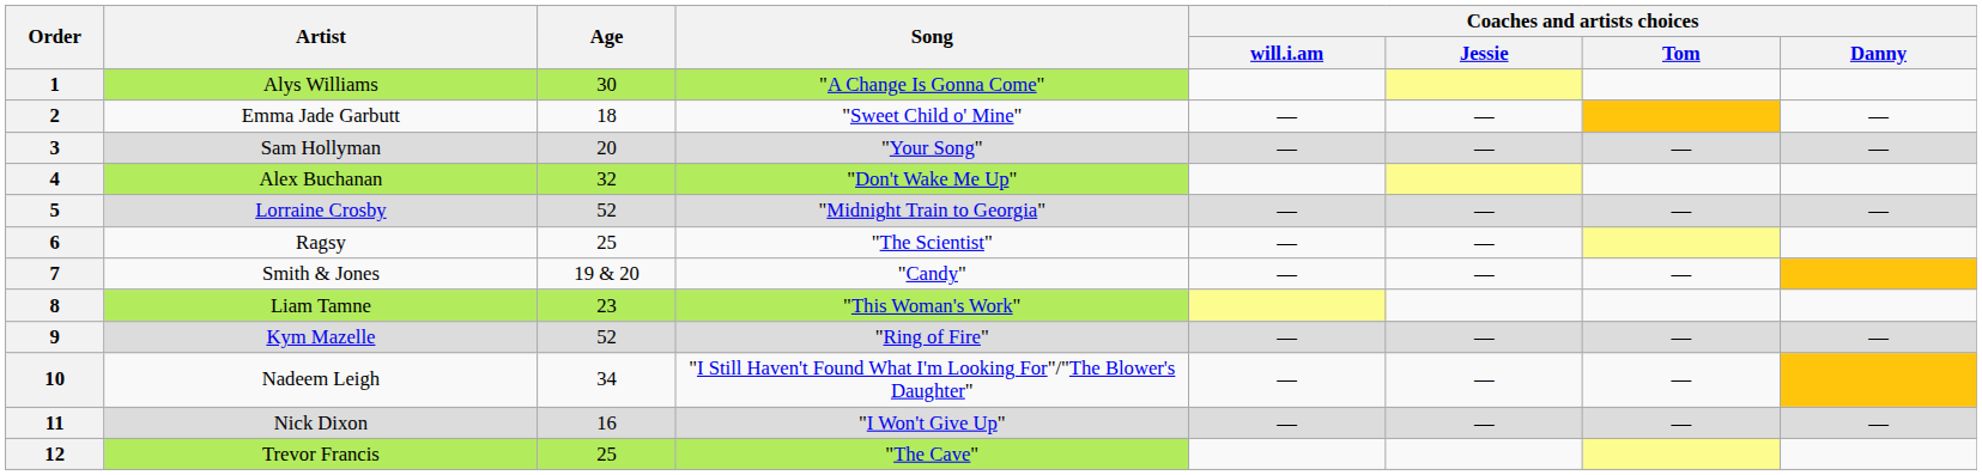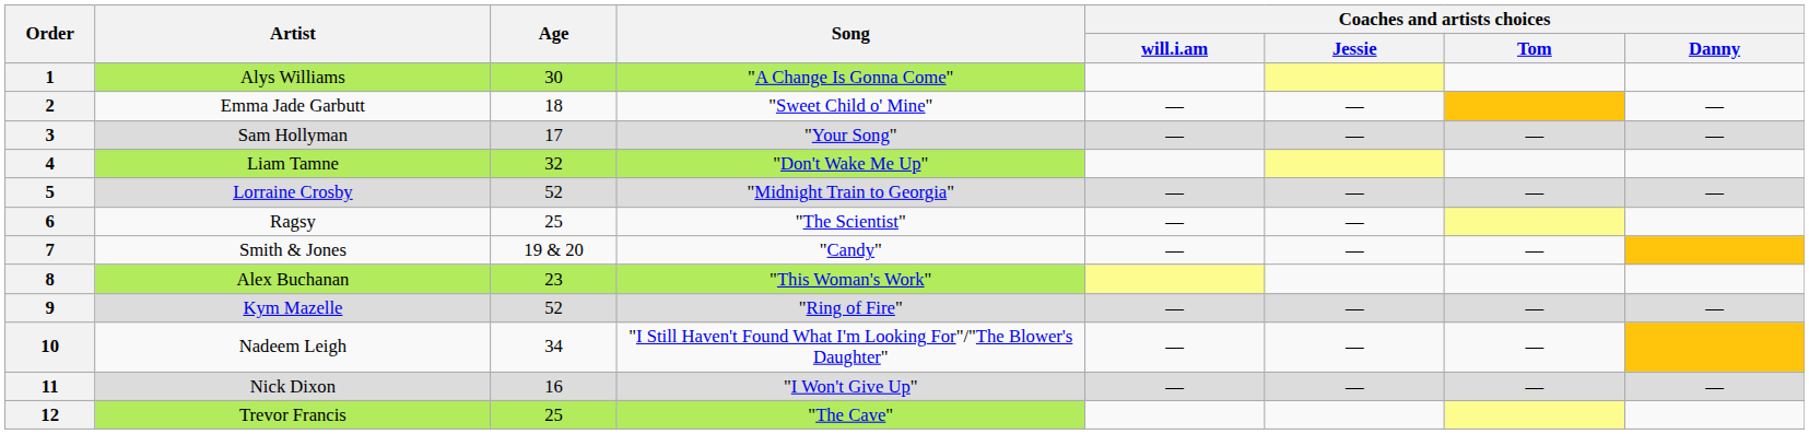 <table class="wikitable" style="text-align:center; width:100%;">
 <tr>
 <th scope="col" rowspan="2" style="width:05%;">Order</th>
 <th scope="col" rowspan="2" style="width:22%;">Artist</th>
 <th scope="col" rowspan="2" style="width:07%;">Age</th>
 <th scope="col" rowspan="2" style="width:26%;">Song</th>
 <th colspan="4" style="width:40%;">Coaches and artists choices</th>
 </tr>
 <tr>
 <th style="width:10%;"><a href='#'>will.i.am</a></th>
 <th style="width:10%;"><a href='#'>Jessie</a></th>
 <th style="width:10%;"><a href='#'>Tom</a></th>
 <th style="width:10%;"><a href='#'>Danny</a></th>
 </tr>
 <tr>
 <th scope="col">1</th>
 <td style="background-color:#B2EC5D;">Alys Williams</td>
 <td style="background-color:#B2EC5D;">30</td>
 <td style="background-color:#B2EC5D;">"<a href='#'>A Change Is Gonna Come</a>"</td>
 <td><strong></strong></td>
 <td style="background:#fdfc8f; text-align:center;"><strong></strong></td>
 <td><strong></strong></td>
 <td><strong></strong></td>
 </tr>
 <tr>
 <th scope="col">2</th>
 <td>Emma Jade Garbutt</td>
 <td>18</td>
 <td>"<a href='#'>Sweet Child o' Mine</a>"</td>
 <td>—</td>
 <td>—</td>
 <td style="background:#FFC40C; text-align:center;"><strong></strong></td>
 <td>—</td>
 </tr>
 <tr style="background:#DCDCDC">
 <th scope="col">3</th>
 <td>Sam Hollyman</td>
-<td>20</td>
+<td>17</td>
 <td style="background:#DCDCDC; text-align:center;">"<a href='#'>Your Song</a>"</td>
 <td>—</td>
 <td>—</td>
 <td>—</td>
 <td>—</td>
 </tr>
 <tr>
 <th scope="col">4</th>
-<td style="background-color:#B2EC5D;">Alex Buchanan</td>
+<td style="background-color:#B2EC5D;">Liam Tamne</td>
 <td style="background-color:#B2EC5D;">32</td>
 <td style="background-color:#B2EC5D;">"<a href='#'>Don't Wake Me Up</a>"</td>
 <td><strong></strong></td>
 <td style="background:#fdfc8f; text-align:center;"><strong></strong></td>
 <td><strong></strong></td>
 <td><strong></strong></td>
 </tr>
 <tr style="background:#DCDCDC">
 <th scope="col">5</th>
 <td><a href='#'>Lorraine Crosby</a></td>
 <td>52</td>
 <td style="background:#DCDCDC; text-align:center;">"<a href='#'>Midnight Train to Georgia</a>"</td>
 <td>—</td>
 <td>—</td>
 <td>—</td>
 <td>—</td>
 </tr>
 <tr>
 <th scope="col">6</th>
 <td>Ragsy</td>
 <td>25</td>
 <td>"<a href='#'>The Scientist</a>"</td>
 <td>—</td>
 <td>—</td>
 <td style="background:#fdfc8f; text-align:center;"><strong></strong></td>
 <td><strong></strong></td>
 </tr>
 <tr>
 <th scope="col">7</th>
 <td>Smith & Jones</td>
 <td>19 & 20</td>
 <td>"<a href='#'>Candy</a>"</td>
 <td>—</td>
 <td>—</td>
 <td>—</td>
 <td style="background:#FFC40C; text-align:center;"><strong></strong></td>
 </tr>
 <tr>
 <th scope="col">8</th>
-<td style="background-color:#B2EC5D;">Liam Tamne</td>
+<td style="background-color:#B2EC5D;">Alex Buchanan</td>
 <td style="background-color:#B2EC5D;">23</td>
 <td style="background-color:#B2EC5D;">"<a href='#'>This Woman's Work</a>"</td>
 <td style="background:#fdfc8f; text-align:center;"><strong></strong></td>
 <td><strong></strong></td>
 <td><strong></strong></td>
 <td><strong></strong></td>
 </tr>
 <tr style="background:#DCDCDC">
 <th scope="col">9</th>
 <td><a href='#'>Kym Mazelle</a></td>
 <td>52</td>
 <td style="background:#DCDCDC; text-align:center;">"<a href='#'>Ring of Fire</a>"</td>
 <td>—</td>
 <td>—</td>
 <td>—</td>
 <td>—</td>
 </tr>
 <tr>
 <th scope="col">10</th>
 <td>Nadeem Leigh</td>
 <td>34</td>
 <td>"<a href='#'>I Still Haven't Found What I'm Looking For</a>"/"<a href='#'>The Blower's Daughter</a>"</td>
 <td>—</td>
 <td>—</td>
 <td>—</td>
 <td style="background:#FFC40C; text-align:center;"><strong></strong></td>
 </tr>
 <tr style="background:#DCDCDC">
 <th scope="col">11</th>
 <td>Nick Dixon</td>
 <td>16</td>
 <td style="background:#DCDCDC; text-align:center;">"<a href='#'>I Won't Give Up</a>"</td>
 <td>—</td>
 <td>—</td>
 <td>—</td>
 <td>—</td>
 </tr>
 <tr>
 <th scope="col">12</th>
 <td style="background-color:#B2EC5D;">Trevor Francis</td>
 <td style="background-color:#B2EC5D;">25</td>
 <td style="background-color:#B2EC5D;">"<a href='#'>The Cave</a>"</td>
 <td><strong></strong></td>
 <td><strong></strong></td>
 <td style="background:#fdfc8f; text-align:center;"><strong></strong></td>
 <td><strong></strong></td>
 </tr>
 </table>
